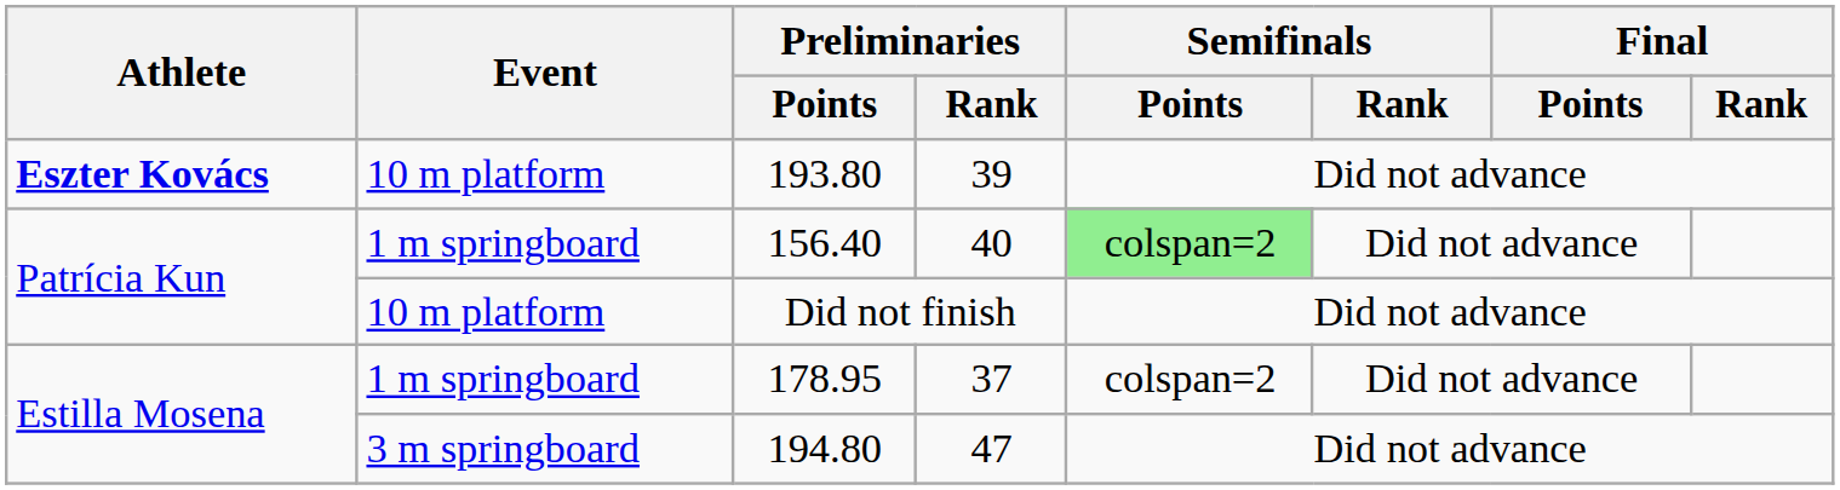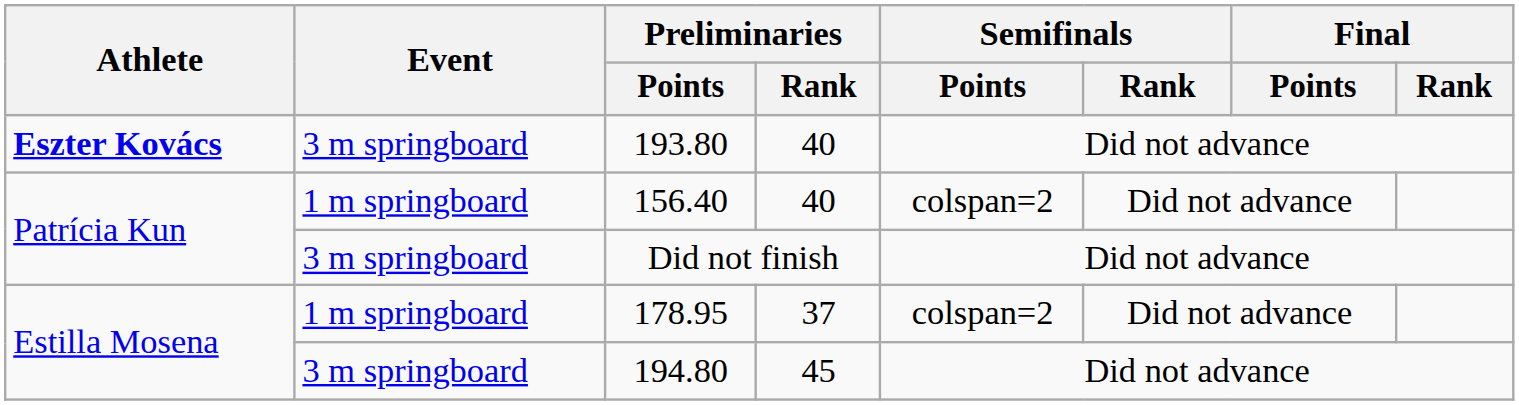 <table class="wikitable" style="text-align:center; font-size:90%; width:50%;">
 <tr>
 <th rowspan=2>Athlete</th>
 <th rowspan=2>Event</th>
 <th colspan=2>Preliminaries</th>
 <th colspan=2>Semifinals</th>
 <th colspan=2>Final</th>
 </tr>
 <tr style="font-size:95%">
 <th>Points</th>
 <th>Rank</th>
 <th>Points</th>
 <th>Rank</th>
 <th>Points</th>
 <th>Rank</th>
 </tr>
 <tr>
 <td align=left><strong><a href='#'>Eszter Kovács</a></strong></td>
-<td align=left><a href='#'>10 m platform</a></td>
+<td align=left><a href='#'>3 m springboard</a></td>
 <td>193.80</td>
-<td>39</td>
+<td>40</td>
 <td colspan=4>Did not advance</td>
 </tr>
 <tr>
 <td align=left rowspan=2><a href='#'>Patrícia Kun</a></td>
 <td align=left><a href='#'>1 m springboard</a></td>
 <td>156.40</td>
 <td>40</td>
-<td style="background: lightgreen;">colspan=2 </td>
+<td>colspan=2 </td>
 <td colspan=2>Did not advance</td>
 </tr>
 <tr>
-<td align=left><a href='#'>10 m platform</a></td>
+<td align=left><a href='#'>3 m springboard</a></td>
 <td colspan=2>Did not finish</td>
 <td colspan=4>Did not advance</td>
 </tr>
 <tr>
 <td align=left rowspan=2><a href='#'>Estilla Mosena</a></td>
 <td align=left><a href='#'>1 m springboard</a></td>
 <td>178.95</td>
 <td>37</td>
 <td>colspan=2 </td>
 <td colspan=2>Did not advance</td>
 </tr>
 <tr>
 <td align=left><a href='#'>3 m springboard</a></td>
 <td>194.80</td>
-<td>47</td>
+<td>45</td>
 <td colspan=4>Did not advance</td>
 </tr>
 </table>
